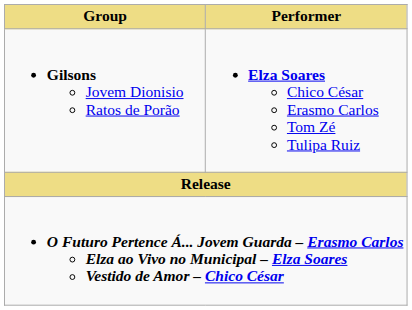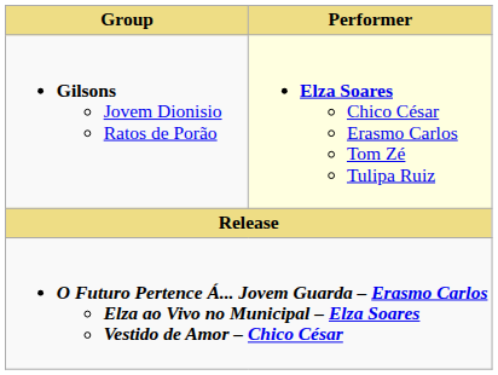 <table class="wikitable" style="width=">
 <tr>
 <th style="background:#EEDD85; width:50%">Group</th>
 <th style="background:#EEDD85; width:50%">Performer</th>
 </tr>
 <tr>
 <td style="vertical-align:top"><br><ul><li><strong>Gilsons</strong><ul><li><a href='#'>Jovem Dionisio</a></li><li><a href='#'>Ratos de Porão</a></li></ul></li></ul></td>
-<td style="vertical-align:top"><br><ul><li><strong><a href='#'>Elza Soares</a></strong><ul><li><a href='#'>Chico César</a></li><li><a href='#'>Erasmo Carlos</a></li><li><a href='#'>Tom Zé</a></li><li><a href='#'>Tulipa Ruiz</a></li></ul></li></ul></td>
+<td style="background: lightyellow; vertical-align:top"><br><ul><li><strong><a href='#'>Elza Soares</a></strong><ul><li><a href='#'>Chico César</a></li><li><a href='#'>Erasmo Carlos</a></li><li><a href='#'>Tom Zé</a></li><li><a href='#'>Tulipa Ruiz</a></li></ul></li></ul></td>
 </tr>
 <tr>
 <th colspan="2" style="background:#EEDD85; width:50%">Release</th>
 </tr>
 <tr>
 <td colspan="2" style="vertical-align:top"><br><ul><li><strong><em>O Futuro Pertence Á... Jovem Guarda<em> – <a href='#'>Erasmo Carlos</a><strong><ul><li></em>Elza ao Vivo no Municipal<em> – <a href='#'>Elza Soares</a></li><li></em>Vestido de Amor<em> – <a href='#'>Chico César</a></li></ul></li></ul></td>
 </tr>
 </table>
